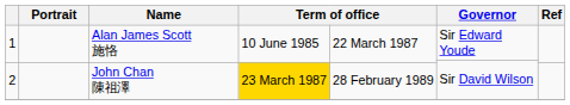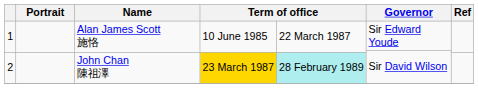 <table class="wikitable"  style="text-align:left">
 <tr>
 <th width=10px></th>
 <th width=80px>Portrait</th>
 <th width=180px>Name</th>
 <th width=180px colspan=2>Term of office</th>
 <th width=120px><a href='#'>Governor</a></th>
 <th>Ref</th>
 </tr>
 <tr>
 <td rowspan=2 align=center>1</td>
 <td rowspan=2></td>
 <td rowspan=2><a href='#'>Alan James Scott</a><br>施恪</td>
 <td rowspan=2>10 June 1985</td>
 <td rowspan=2>22 March 1987</td>
 <td>Sir <a href='#'>Edward Youde</a></td>
 <td rowspan=2></td>
 </tr>
 <tr>
 <td rowspan=2>Sir <a href='#'>David Wilson</a></td>
 </tr>
 <tr>
 <td align=center>2</td>
 <td></td>
 <td><a href='#'>John Chan</a><br>陳祖澤</td>
 <td style="background: gold;">23 March 1987</td>
-<td>28 February 1989</td>
+<td style="background: paleturquoise;">28 February 1989</td>
 <td></td>
 </tr>
 <tr>
 </tr>
 </table>
